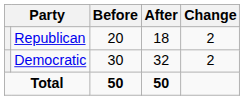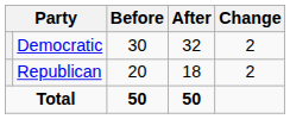 <table class="wikitable" style="text-align:center;">
 <tr>
 <th colspan="2">Party</th>
 <th>Before</th>
 <th>After</th>
 <th>Change</th>
 </tr>
 <tr>
 <th style="background-color:"></th>
-<td style="text-align:left;"><a href='#'>Republican</a></td>
-<td>20</td>
-<td>18</td>
+<td style="text-align:left;"><a href='#'>Democratic</a></td>
+<td>30</td>
+<td>32</td>
 <td> 2</td>
 </tr>
 <tr>
 <th style="background-color:"></th>
-<td style="text-align:left;"><a href='#'>Democratic</a></td>
-<td>30</td>
-<td>32</td>
+<td style="text-align:left;"><a href='#'>Republican</a></td>
+<td>20</td>
+<td>18</td>
 <td> 2</td>
 </tr>
 <tr>
 <td colspan="2"><strong>Total</strong></td>
 <td><strong>50</strong></td>
 <td><strong>50</strong></td>
 <td></td>
 </tr>
 </table>
